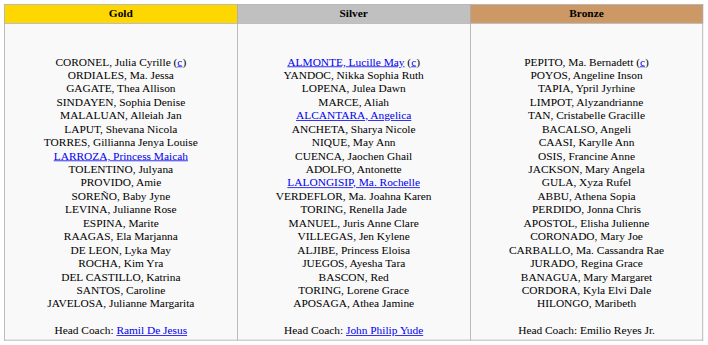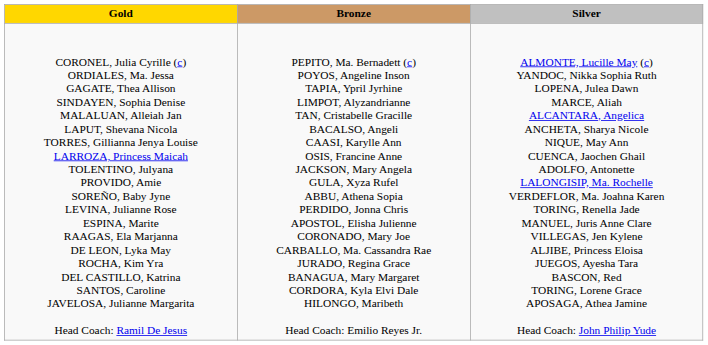 <table class="wikitable" style="text-align:center; font-size:90%">
 <tr>
 <th style="width:20em; background:gold">Gold</th>
+<th style="width:20em; background:#cc9966">Bronze</th>
 <th style="width:20em; background:silver">Silver</th>
-<th style="width:20em; background:#cc9966">Bronze</th>
 </tr>
 <tr>
 <td><big><strong></strong></big><br><br>CORONEL, Julia Cyrille (<a href='#'>c</a>)<br> ORDIALES, Ma. Jessa<br>  GAGATE, Thea Allison<br> SINDAYEN, Sophia Denise<br> MALALUAN, Alleiah Jan<br> LAPUT, Shevana Nicola<br> TORRES, Gillianna Jenya Louise<br> <a href='#'>LARROZA, Princess Maicah</a><br> TOLENTINO, Julyana<br> PROVIDO, Amie<br> SOREÑO, Baby Jyne<br> LEVINA, Julianne Rose<br> ESPINA, Marite<br> RAAGAS, Ela Marjanna<br> DE LEON, Lyka May<br> ROCHA, Kim Yra<br> DEL CASTILLO, Katrina<br> SANTOS, Caroline<br> JAVELOSA, Julianne Margarita<br><br>Head Coach: <a href='#'>Ramil De Jesus</a></td>
+<td><big></big><br><br>PEPITO, Ma. Bernadett (<a href='#'>c</a>)<br> POYOS, Angeline Inson<br> TAPIA, Ypril Jyrhine<br> LIMPOT, Alyzandrianne<br> TAN, Cristabelle Gracille<br> BACALSO, Angeli<br> CAASI, Karylle Ann<br> OSIS, Francine Anne<br> JACKSON, Mary Angela<br> GULA, Xyza Rufel<br> ABBU, Athena Sopia<br> PERDIDO, Jonna Chris<br> APOSTOL, Elisha Julienne<br> CORONADO, Mary Joe<br> CARBALLO, Ma. Cassandra Rae<br> JURADO, Regina Grace<br> BANAGUA, Mary Margaret<br> CORDORA, Kyla Elvi Dale<br> HILONGO, Maribeth<br><br>Head Coach: Emilio Reyes Jr.</td>
 <td><big></big><br><br><a href='#'>ALMONTE, Lucille May</a> (<a href='#'>c</a>)<br> YANDOC, Nikka Sophia Ruth<br> LOPENA, Julea Dawn<br> MARCE, Aliah<br> <a href='#'>ALCANTARA, Angelica</a><br> ANCHETA, Sharya Nicole<br> NIQUE, May Ann<br> CUENCA, Jaochen Ghail<br> ADOLFO, Antonette<br> <a href='#'>LALONGISIP, Ma. Rochelle</a><br> VERDEFLOR, Ma. Joahna Karen<br> TORING, Renella Jade<br> MANUEL, Juris Anne Clare<br> VILLEGAS, Jen Kylene<br> ALJIBE, Princess Eloisa<br> JUEGOS, Ayesha Tara<br> BASCON, Red<br> TORING, Lorene Grace<br> APOSAGA, Athea Jamine<br><br>Head Coach: <a href='#'>John Philip Yude</a></td>
-<td><big></big><br><br>PEPITO, Ma. Bernadett (<a href='#'>c</a>)<br> POYOS, Angeline Inson<br> TAPIA, Ypril Jyrhine<br> LIMPOT, Alyzandrianne<br> TAN, Cristabelle Gracille<br> BACALSO, Angeli<br> CAASI, Karylle Ann<br> OSIS, Francine Anne<br> JACKSON, Mary Angela<br> GULA, Xyza Rufel<br> ABBU, Athena Sopia<br> PERDIDO, Jonna Chris<br> APOSTOL, Elisha Julienne<br> CORONADO, Mary Joe<br> CARBALLO, Ma. Cassandra Rae<br> JURADO, Regina Grace<br> BANAGUA, Mary Margaret<br> CORDORA, Kyla Elvi Dale<br> HILONGO, Maribeth<br><br>Head Coach: Emilio Reyes Jr.</td>
 </tr>
 </table>
